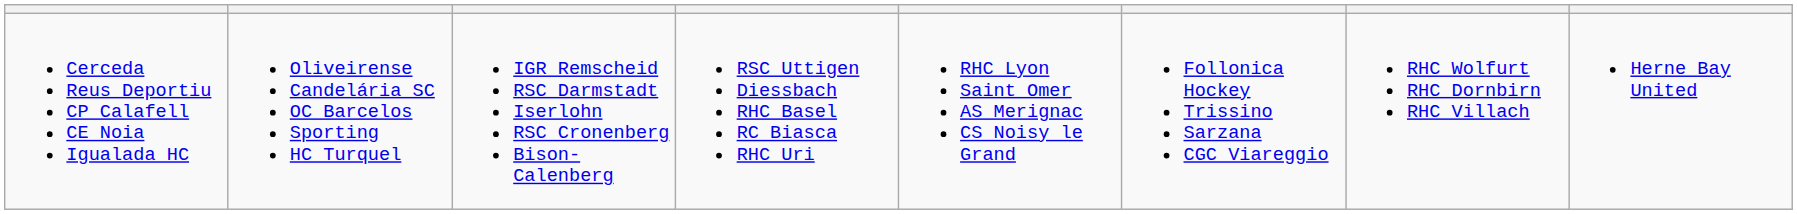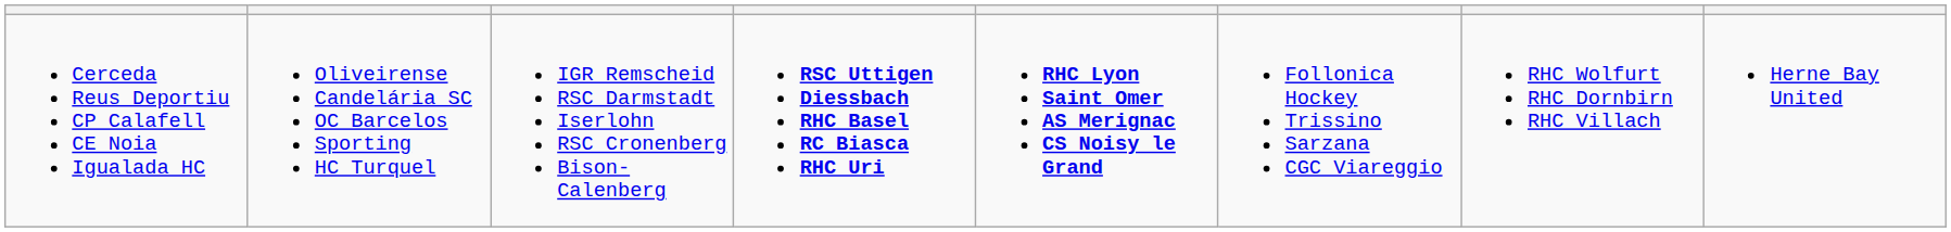 <table class="wikitable">
 <tr>
 <th width=12.5%></th>
 <th width=12.5%></th>
 <th width=12.5%></th>
 <th width=12.5%></th>
 <th width=12.5%></th>
 <th width=12.5%></th>
 <th width=12.5%></th>
 <th width=12.5%></th>
 </tr>
 <tr>
 <td valign=top><br><ul><li><a href='#'>Cerceda</a></li><li><a href='#'>Reus Deportiu</a></li><li><a href='#'>CP Calafell</a></li><li><a href='#'>CE Noia</a></li><li><a href='#'>Igualada HC</a></li></ul></td>
 <td valign=top><br><ul><li><a href='#'>Oliveirense</a></li><li><a href='#'>Candelária SC</a></li><li><a href='#'>OC Barcelos</a></li><li><a href='#'>Sporting</a></li><li><a href='#'>HC Turquel</a></li></ul></td>
 <td valign=top><br><ul><li><a href='#'>IGR Remscheid</a></li><li><a href='#'>RSC Darmstadt</a></li><li><a href='#'>Iserlohn</a></li><li><a href='#'>RSC Cronenberg</a></li><li><a href='#'>Bison-Calenberg</a></li></ul></td>
-<td valign=top><br><ul><li><a href='#'>RSC Uttigen</a></li><li><a href='#'>Diessbach</a></li><li><a href='#'>RHC Basel</a></li><li><a href='#'>RC Biasca</a></li><li><a href='#'>RHC Uri</a></li></ul></td>
-<td valign=top><br><ul><li><a href='#'>RHC Lyon</a></li><li><a href='#'>Saint Omer</a></li><li><a href='#'>AS Merignac</a></li><li><a href='#'>CS Noisy le Grand</a></li></ul></td>
+<td valign=top><strong><br><ul><li><a href='#'>RSC Uttigen</a></li><li><a href='#'>Diessbach</a></li><li><a href='#'>RHC Basel</a></li><li><a href='#'>RC Biasca</a></li><li><a href='#'>RHC Uri</a></li></ul></strong></td>
+<td valign=top><strong><br><ul><li><a href='#'>RHC Lyon</a></li><li><a href='#'>Saint Omer</a></li><li><a href='#'>AS Merignac</a></li><li><a href='#'>CS Noisy le Grand</a></li></ul></strong></td>
 <td valign=top><br><ul><li><a href='#'>Follonica Hockey</a></li><li><a href='#'>Trissino</a></li><li><a href='#'>Sarzana</a></li><li><a href='#'>CGC Viareggio</a></li></ul></td>
 <td valign=top><br><ul><li><a href='#'>RHC Wolfurt</a></li><li><a href='#'>RHC Dornbirn</a></li><li><a href='#'>RHC Villach</a></li></ul></td>
 <td valign=top><br><ul><li><a href='#'>Herne Bay United</a></li></ul></td>
 </tr>
 </table>
